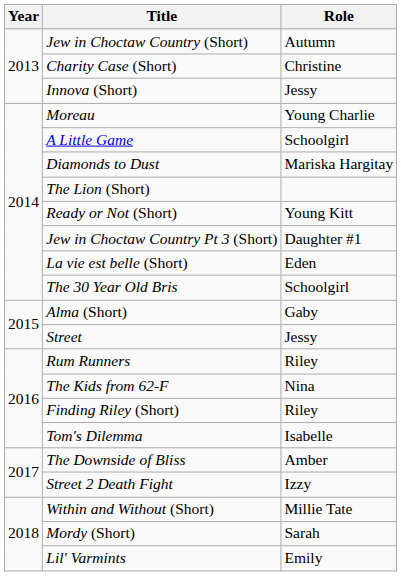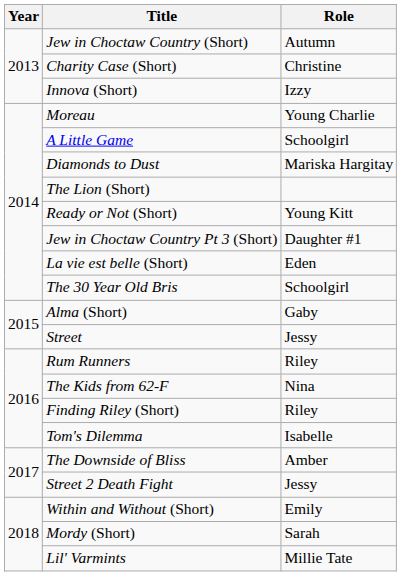 <table class="wikitable">
 <tr>
 <th>Year</th>
 <th>Title</th>
 <th>Role</th>
 </tr>
 <tr>
 <td rowspan="3">2013</td>
 <td><em>Jew in Choctaw Country</em> (Short)</td>
 <td>Autumn</td>
 </tr>
 <tr>
 <td><em>Charity Case</em> (Short)</td>
 <td>Christine</td>
 </tr>
 <tr>
 <td><em>Innova</em> (Short)</td>
-<td>Jessy</td>
+<td>Izzy</td>
 </tr>
 <tr>
 <td rowspan="8">2014</td>
 <td><em>Moreau</em></td>
 <td>Young Charlie</td>
 </tr>
 <tr>
 <td><em><a href='#'>A Little Game</a></em></td>
 <td>Schoolgirl</td>
 </tr>
 <tr>
 <td><em>Diamonds to Dust</em></td>
 <td>Mariska Hargitay</td>
 </tr>
 <tr>
 <td><em>The Lion</em> (Short)</td>
 <td></td>
 </tr>
 <tr>
 <td><em>Ready or Not</em> (Short)</td>
 <td>Young Kitt</td>
 </tr>
 <tr>
 <td><em>Jew in Choctaw Country Pt 3</em> (Short)</td>
 <td>Daughter #1</td>
 </tr>
 <tr>
 <td><em>La vie est belle</em> (Short)</td>
 <td>Eden</td>
 </tr>
 <tr>
 <td><em>The 30 Year Old Bris</em></td>
 <td>Schoolgirl</td>
 </tr>
 <tr>
 <td rowspan="2">2015</td>
 <td><em>Alma</em> (Short)</td>
 <td>Gaby</td>
 </tr>
 <tr>
 <td><em>Street</em></td>
 <td>Jessy</td>
 </tr>
 <tr>
 <td rowspan="4">2016</td>
 <td><em>Rum Runners</em></td>
 <td>Riley</td>
 </tr>
 <tr>
 <td><em>The Kids from 62-F</em></td>
 <td>Nina</td>
 </tr>
 <tr>
 <td><em>Finding Riley</em> (Short)</td>
 <td>Riley</td>
 </tr>
 <tr>
 <td><em>Tom's Dilemma</em></td>
 <td>Isabelle</td>
 </tr>
 <tr>
 <td rowspan="2">2017</td>
 <td><em>The Downside of Bliss</em></td>
 <td>Amber</td>
 </tr>
 <tr>
 <td><em>Street 2 Death Fight</em></td>
-<td>Izzy</td>
+<td>Jessy</td>
 </tr>
 <tr>
 <td rowspan="3">2018</td>
 <td><em>Within and Without</em> (Short)</td>
-<td>Millie Tate</td>
+<td>Emily</td>
 </tr>
 <tr>
 <td><em>Mordy</em> (Short)</td>
 <td>Sarah</td>
 </tr>
 <tr>
 <td><em>Lil' Varmints</em></td>
-<td>Emily</td>
+<td>Millie Tate</td>
 </tr>
 </table>
